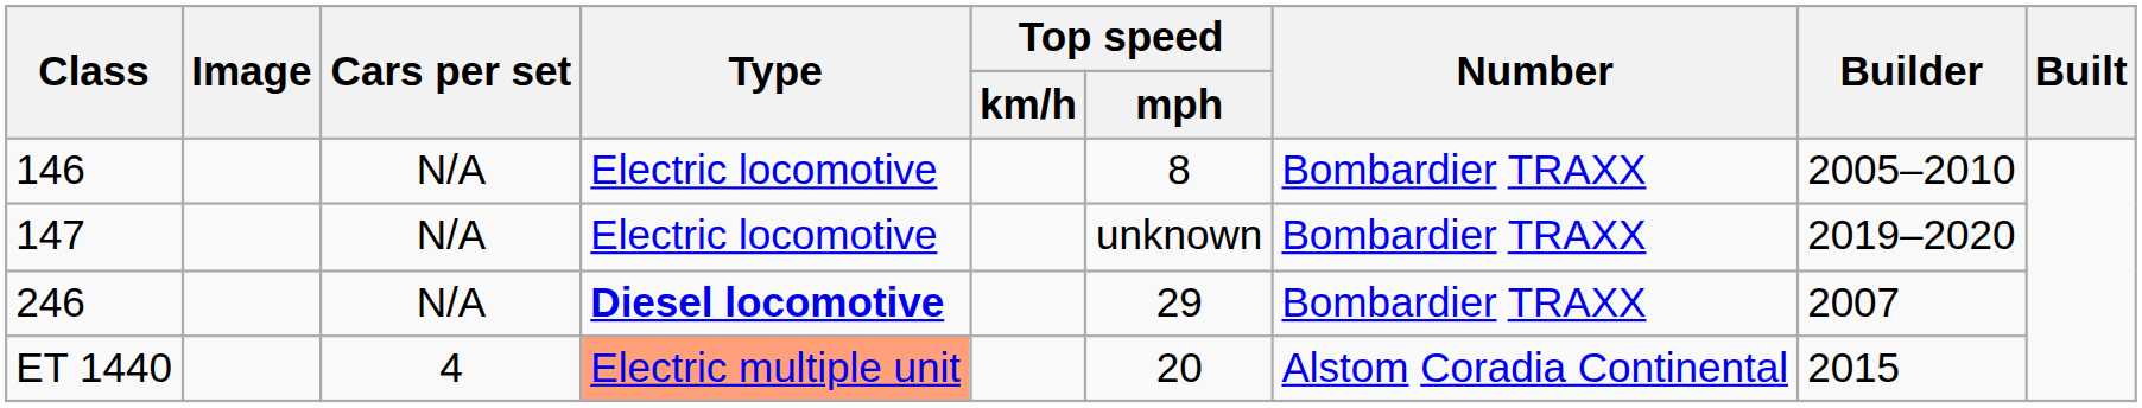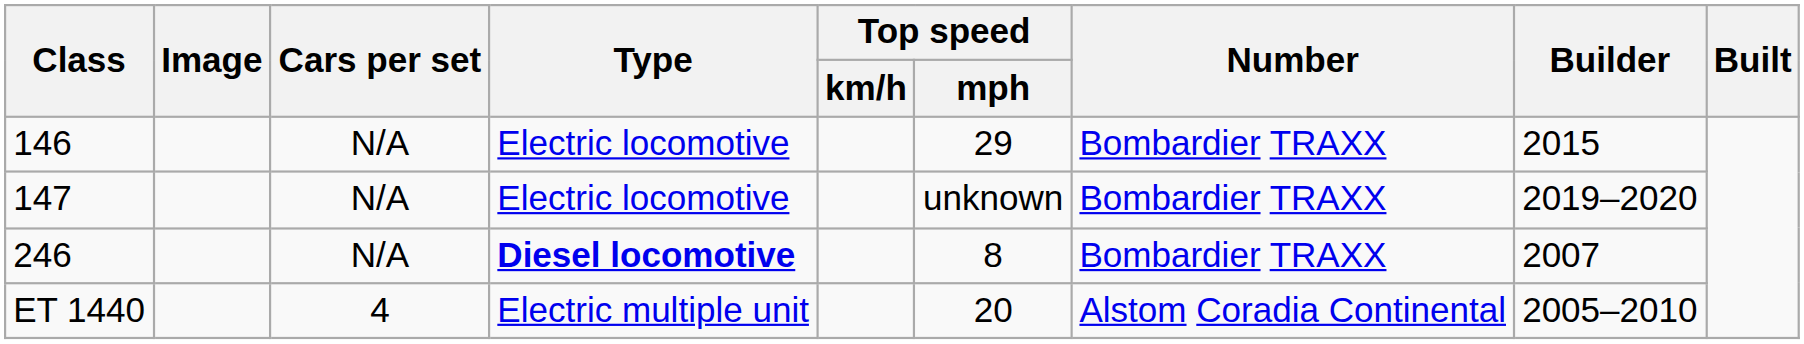 <table class="wikitable">
 <tr style="background:#f9f9f9;">
 <th rowspan="2">Class</th>
 <th rowspan="2">Image</th>
 <th rowspan="2">Cars per set</th>
 <th rowspan="2">Type</th>
 <th colspan="2">Top speed</th>
 <th rowspan="2">Number</th>
 <th rowspan="2">Builder</th>
 <th rowspan="2">Built</th>
 </tr>
 <tr style="background:#f9f9f9;">
 <th>km/h</th>
 <th>mph</th>
 </tr>
 <tr>
 <td>146</td>
 <td></td>
 <td align=center>N/A</td>
 <td><a href='#'>Electric locomotive</a></td>
 <td></td>
-<td align=center>8</td>
+<td align=center>29</td>
 <td><a href='#'>Bombardier</a> <a href='#'>TRAXX</a></td>
-<td>2005–2010</td>
+<td>2015</td>
 </tr>
 <tr>
 <td>147</td>
 <td></td>
 <td align=center>N/A</td>
 <td><a href='#'>Electric locomotive</a></td>
 <td></td>
 <td align=center>unknown</td>
 <td><a href='#'>Bombardier</a> <a href='#'>TRAXX</a></td>
 <td>2019–2020</td>
 </tr>
 <tr>
 <td>246</td>
 <td></td>
 <td align=center>N/A</td>
 <td><strong><a href='#'>Diesel locomotive</a></strong></td>
 <td></td>
-<td align=center>29</td>
+<td align=center>8</td>
 <td><a href='#'>Bombardier</a> <a href='#'>TRAXX</a></td>
 <td>2007</td>
 </tr>
 <tr>
 <td>ET 1440</td>
 <td></td>
 <td align=center>4</td>
-<td style="background: lightsalmon;"><a href='#'>Electric multiple unit</a></td>
+<td><a href='#'>Electric multiple unit</a></td>
 <td></td>
 <td align=center>20</td>
 <td><a href='#'>Alstom</a> <a href='#'>Coradia Continental</a></td>
-<td>2015</td>
+<td>2005–2010</td>
 </tr>
 </table>
